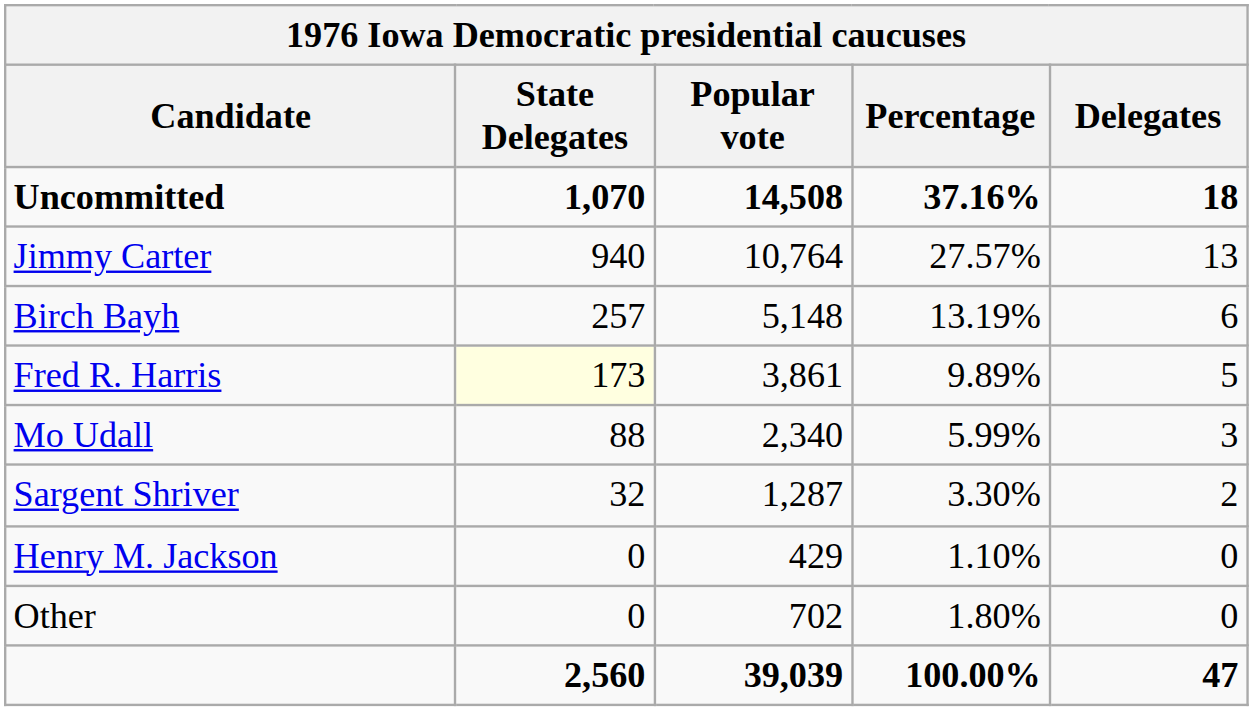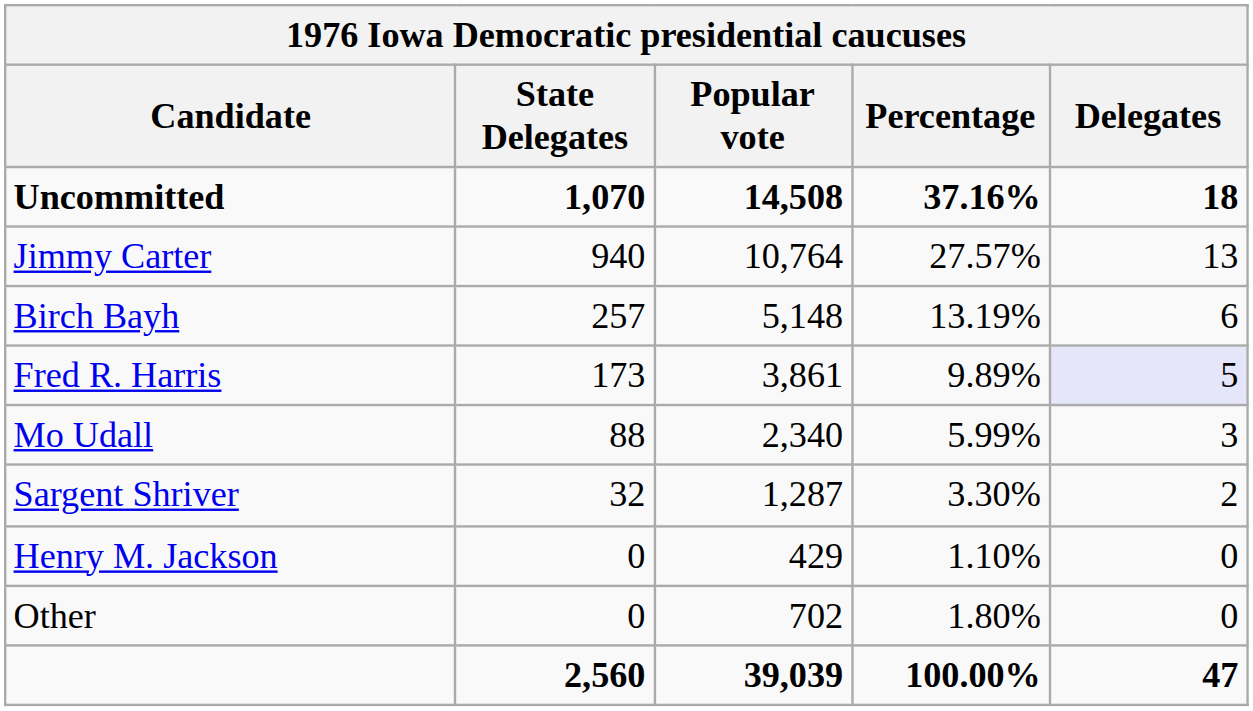 <table class="wikitable" style="font-size:95%;">
 <tr>
 <th colspan="5">1976 Iowa Democratic presidential caucuses</th>
 </tr>
 <tr>
 <th style="width: 12em">Candidate</th>
 <th style="width: 5em">State Delegates</th>
 <th style="width: 5em">Popular vote</th>
 <th style="width: 5em">Percentage</th>
 <th style="width: 5em">Delegates</th>
 </tr>
 <tr>
 <td><strong>Uncommitted</strong></td>
 <td align="right"><strong>1,070</strong></td>
 <td align="right"><strong>14,508</strong></td>
 <td align="right"><strong>37.16%</strong></td>
 <td align="right"><strong>18</strong></td>
 </tr>
 <tr>
 <td><a href='#'>Jimmy Carter</a></td>
 <td align="right">940</td>
 <td align="right">10,764</td>
 <td align="right">27.57%</td>
 <td align="right">13</td>
 </tr>
 <tr>
 <td><a href='#'>Birch Bayh</a></td>
 <td align="right">257</td>
 <td align="right">5,148</td>
 <td align="right">13.19%</td>
 <td align="right">6</td>
 </tr>
 <tr>
 <td><a href='#'>Fred R. Harris</a></td>
-<td align="right" style="background: lightyellow;">173</td>
+<td align="right">173</td>
 <td align="right">3,861</td>
 <td align="right">9.89%</td>
-<td align="right">5</td>
+<td align="right" style="background: lavender;">5</td>
 </tr>
 <tr>
 <td><a href='#'>Mo Udall</a></td>
 <td align="right">88</td>
 <td align="right">2,340</td>
 <td align="right">5.99%</td>
 <td align="right">3</td>
 </tr>
 <tr>
 <td><a href='#'>Sargent Shriver</a></td>
 <td align="right">32</td>
 <td align="right">1,287</td>
 <td align="right">3.30%</td>
 <td align="right">2</td>
 </tr>
 <tr>
 <td><a href='#'>Henry M. Jackson</a></td>
 <td align="right">0</td>
 <td align="right">429</td>
 <td align="right">1.10%</td>
 <td align="right">0</td>
 </tr>
 <tr>
 <td>Other</td>
 <td align="right">0</td>
 <td align="right">702</td>
 <td align="right">1.80%</td>
 <td align="right">0</td>
 </tr>
 <tr>
 <td></td>
 <td align="right"><strong>2,560</strong></td>
 <td align="right"><strong>39,039</strong></td>
 <td align="right"><strong>100.00%</strong></td>
 <td align="right"><strong>47</strong></td>
 </tr>
 </table>
